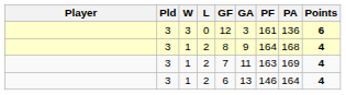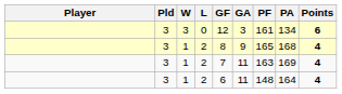 <table class=wikitable style="text-align:center">
 <tr>
 <th width=220>Player</th>
 <th width=20>Pld</th>
 <th width=20>W</th>
 <th width=20>L</th>
 <th width=20>GF</th>
 <th width=20>GA</th>
 <th width=20>PF</th>
 <th width=20>PA</th>
 <th width=50>Points</th>
 </tr>
 <tr bgcolor=#ffffcc>
 <td align=left></td>
 <td>3</td>
 <td>3</td>
 <td>0</td>
 <td>12</td>
 <td>3</td>
 <td>161</td>
-<td>136</td>
+<td>134</td>
 <td><strong>6</strong></td>
 </tr>
 <tr bgcolor=#ffffcc>
 <td align=left></td>
 <td>3</td>
 <td>1</td>
 <td>2</td>
 <td>8</td>
 <td>9</td>
-<td>164</td>
+<td>165</td>
 <td>168</td>
 <td><strong>4</strong></td>
 </tr>
 <tr>
 <td align=left></td>
 <td>3</td>
 <td>1</td>
 <td>2</td>
 <td>7</td>
 <td>11</td>
 <td>163</td>
 <td>169</td>
 <td><strong>4</strong></td>
 </tr>
 <tr>
 <td align=left></td>
 <td>3</td>
 <td>1</td>
 <td>2</td>
 <td>6</td>
-<td>13</td>
-<td>146</td>
+<td>11</td>
+<td>148</td>
 <td>164</td>
 <td><strong>4</strong></td>
 </tr>
 </table>
